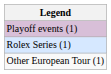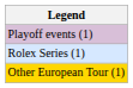 <table class="wikitable" style="font-size:95%;">
 <tr>
 <th>Legend</th>
 </tr>
 <tr style="background:#D8BFD8;">
 <td>Playoff events (1)</td>
 </tr>
 <tr style="background:#D6E8FF;">
 <td>Rolex Series (1)</td>
 </tr>
 <tr>
-<td>Other European Tour (1)</td>
+<td style="background: gold;">Other European Tour (1)</td>
 </tr>
 </table>
